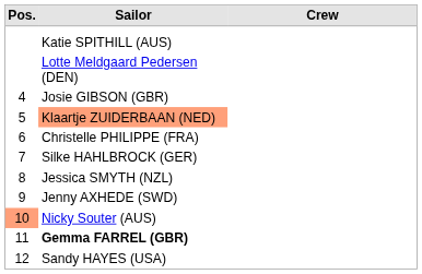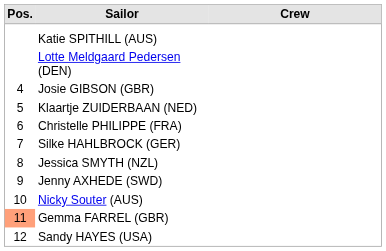 <table cellspacing="0" cellpadding="3" style="border:1px solid #AAAAAA;font-size:90%">
 <tr bgcolor="#E4E4E4">
 <th style="border-bottom:1px solid #AAAAAA" width=10>Pos.</th>
 <th style="border-bottom:1px solid #AAAAAA" width=200>Sailor</th>
 <th style="border-bottom:1px solid #AAAAAA" width=200>Crew</th>
 </tr>
 <tr>
 <td align="center"></td>
 <td></td>
 <td></td>
 </tr>
 <tr>
 <td align="center"></td>
 <td>Katie SPITHILL (AUS)</td>
 <td></td>
 </tr>
 <tr>
 <td align="center"></td>
 <td><a href='#'>Lotte Meldgaard Pedersen</a> (DEN)</td>
 <td></td>
 </tr>
 <tr>
 <td align="center">4</td>
 <td>Josie GIBSON (GBR)</td>
 <td></td>
 </tr>
 <tr>
 <td align="center">5</td>
-<td style="background: lightsalmon;">Klaartje ZUIDERBAAN (NED)</td>
+<td>Klaartje ZUIDERBAAN (NED)</td>
 <td></td>
 </tr>
 <tr>
 <td align="center">6</td>
 <td>Christelle PHILIPPE (FRA)</td>
 <td></td>
 </tr>
 <tr>
 <td align="center">7</td>
 <td>Silke HAHLBROCK (GER)</td>
 <td></td>
 </tr>
 <tr>
 <td align="center">8</td>
 <td>Jessica SMYTH (NZL)</td>
 <td></td>
 </tr>
 <tr>
 <td align="center">9</td>
 <td>Jenny AXHEDE (SWD)</td>
 <td></td>
 </tr>
 <tr>
-<td align="center" style="background: lightsalmon;">10</td>
+<td align="center">10</td>
 <td><a href='#'>Nicky Souter</a> (AUS)</td>
 <td></td>
 </tr>
 <tr>
-<td align="center">11</td>
-<td><strong>Gemma FARREL (GBR)</strong></td>
+<td align="center" style="background: lightsalmon;">11</td>
+<td>Gemma FARREL (GBR)</td>
 <td></td>
 </tr>
 <tr>
 <td align="center">12</td>
 <td>Sandy HAYES (USA)</td>
 <td></td>
 </tr>
 <tr>
 </tr>
 </table>
